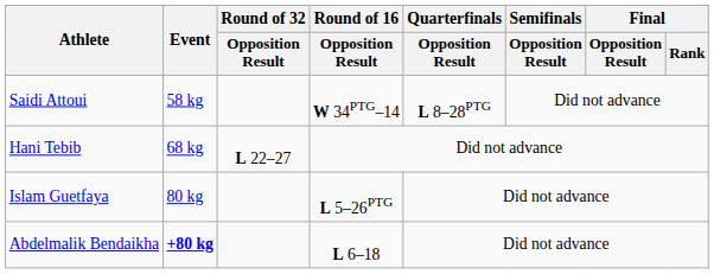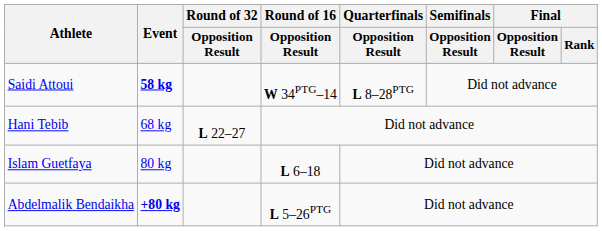 <table class="wikitable" style="font-size:90%">
 <tr>
 <th rowspan="2">Athlete</th>
 <th rowspan="2">Event</th>
 <th>Round of 32</th>
 <th>Round of 16</th>
 <th>Quarterfinals</th>
 <th>Semifinals</th>
 <th colspan=2>Final</th>
 </tr>
 <tr style="font-size:95%">
 <th>Opposition<br>Result</th>
 <th>Opposition<br>Result</th>
 <th>Opposition<br>Result</th>
 <th>Opposition<br>Result</th>
 <th>Opposition<br>Result</th>
 <th>Rank</th>
 </tr>
 <tr align=center>
 <td align=left><a href='#'>Saidi Attoui</a></td>
-<td align=left><a href='#'>58 kg</a></td>
+<td align=left><strong><a href='#'>58 kg</a></strong></td>
 <td></td>
 <td><br><strong>W</strong> 34<sup>PTG</sup>–14</td>
 <td><br><strong>L</strong> 8–28<sup>PTG</sup></td>
 <td colspan=3>Did not advance</td>
 </tr>
 <tr align=center>
 <td align=left><a href='#'>Hani Tebib</a></td>
 <td align=left><a href='#'>68 kg</a></td>
 <td><br><strong>L</strong> 22–27</td>
 <td colspan=5>Did not advance</td>
 </tr>
 <tr align=center>
 <td align=left><a href='#'>Islam Guetfaya</a></td>
 <td align=left><a href='#'>80 kg</a></td>
 <td></td>
-<td><br><strong>L</strong> 5–26<sup>PTG</sup></td>
+<td><br><strong>L</strong> 6–18</td>
 <td colspan=4>Did not advance</td>
 </tr>
 <tr align=center>
 <td align=left><a href='#'>Abdelmalik Bendaikha</a></td>
 <td align=left><strong><a href='#'>+80 kg</a></strong></td>
 <td></td>
-<td><br><strong>L</strong> 6–18</td>
+<td><br><strong>L</strong> 5–26<sup>PTG</sup></td>
 <td colspan=4>Did not advance</td>
 </tr>
 </table>
